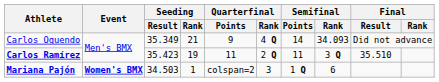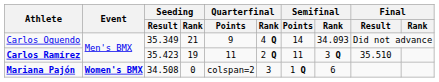 <table class="wikitable" style="font-size:90%;">
 <tr>
 <th rowspan=2>Athlete</th>
 <th rowspan=2>Event</th>
 <th colspan=2>Seeding</th>
 <th colspan=2>Quarterfinal</th>
 <th colspan=2>Semifinal</th>
 <th colspan=2>Final</th>
 </tr>
 <tr style="font-size:95%">
 <th>Result</th>
 <th>Rank</th>
 <th>Points</th>
 <th>Rank</th>
 <th>Points</th>
 <th>Rank</th>
 <th>Result</th>
 <th>Rank</th>
 </tr>
 <tr align=center>
 <td align=left><a href='#'>Carlos Oquendo</a></td>
 <td align=left rowspan=2><a href='#'>Men's BMX</a></td>
 <td>35.349</td>
 <td>21</td>
 <td>9</td>
 <td>4 <strong>Q</strong></td>
 <td>14</td>
 <td>34.093</td>
 <td colspan=2>Did not advance</td>
 </tr>
 <tr align=center>
 <td align=left><strong><a href='#'>Carlos Ramírez</a></strong></td>
 <td>35.423</td>
 <td>19</td>
 <td>11</td>
 <td>2 <strong>Q</strong></td>
 <td>11</td>
 <td>3 <strong>Q</strong></td>
 <td>35.510</td>
 <td></td>
 </tr>
 <tr align=center>
 <td align=left><strong><a href='#'>Mariana Pajón</a></strong></td>
 <td align=left><strong><a href='#'>Women's BMX</a></strong></td>
-<td>34.503</td>
-<td>1</td>
+<td>34.508</td>
+<td>0</td>
 <td>colspan=2 </td>
 <td>3</td>
 <td>1 <strong>Q</strong></td>
 <td>6</td>
 <td></td>
 </tr>
 </table>
